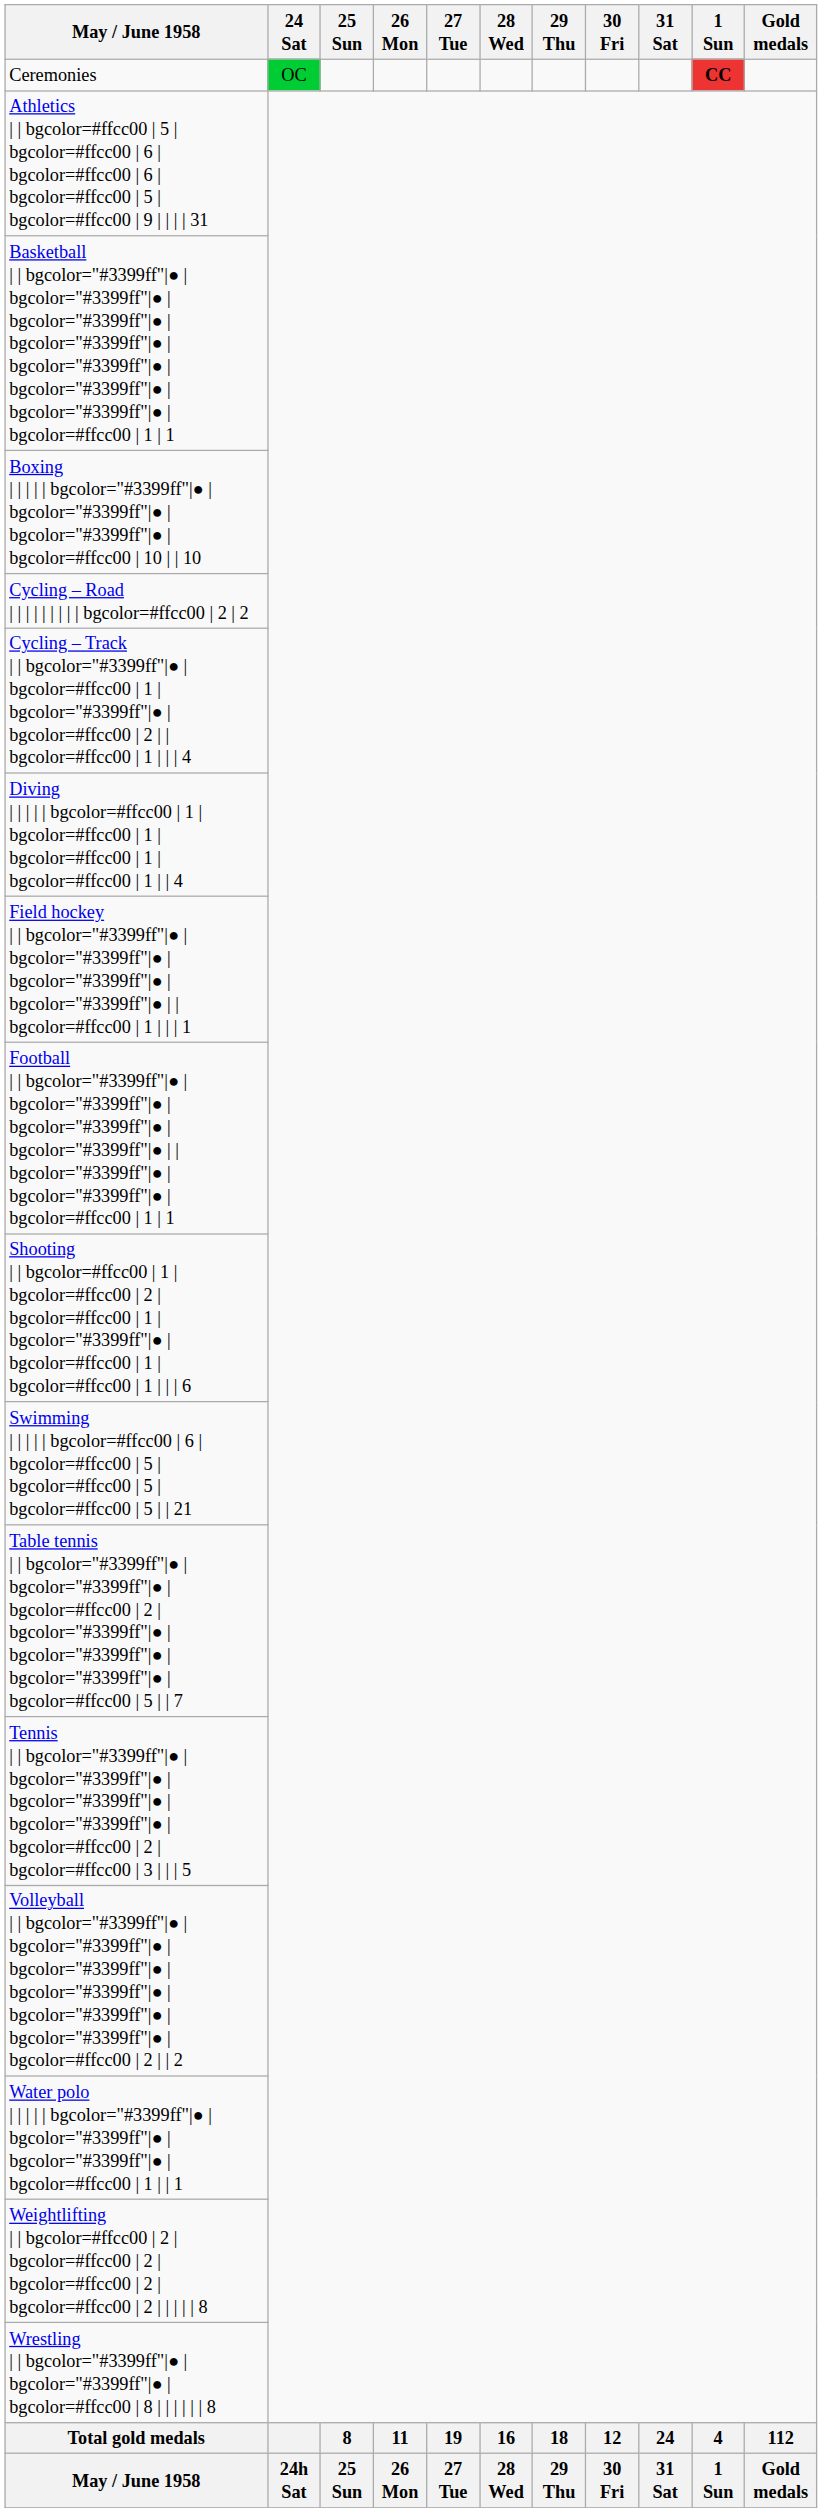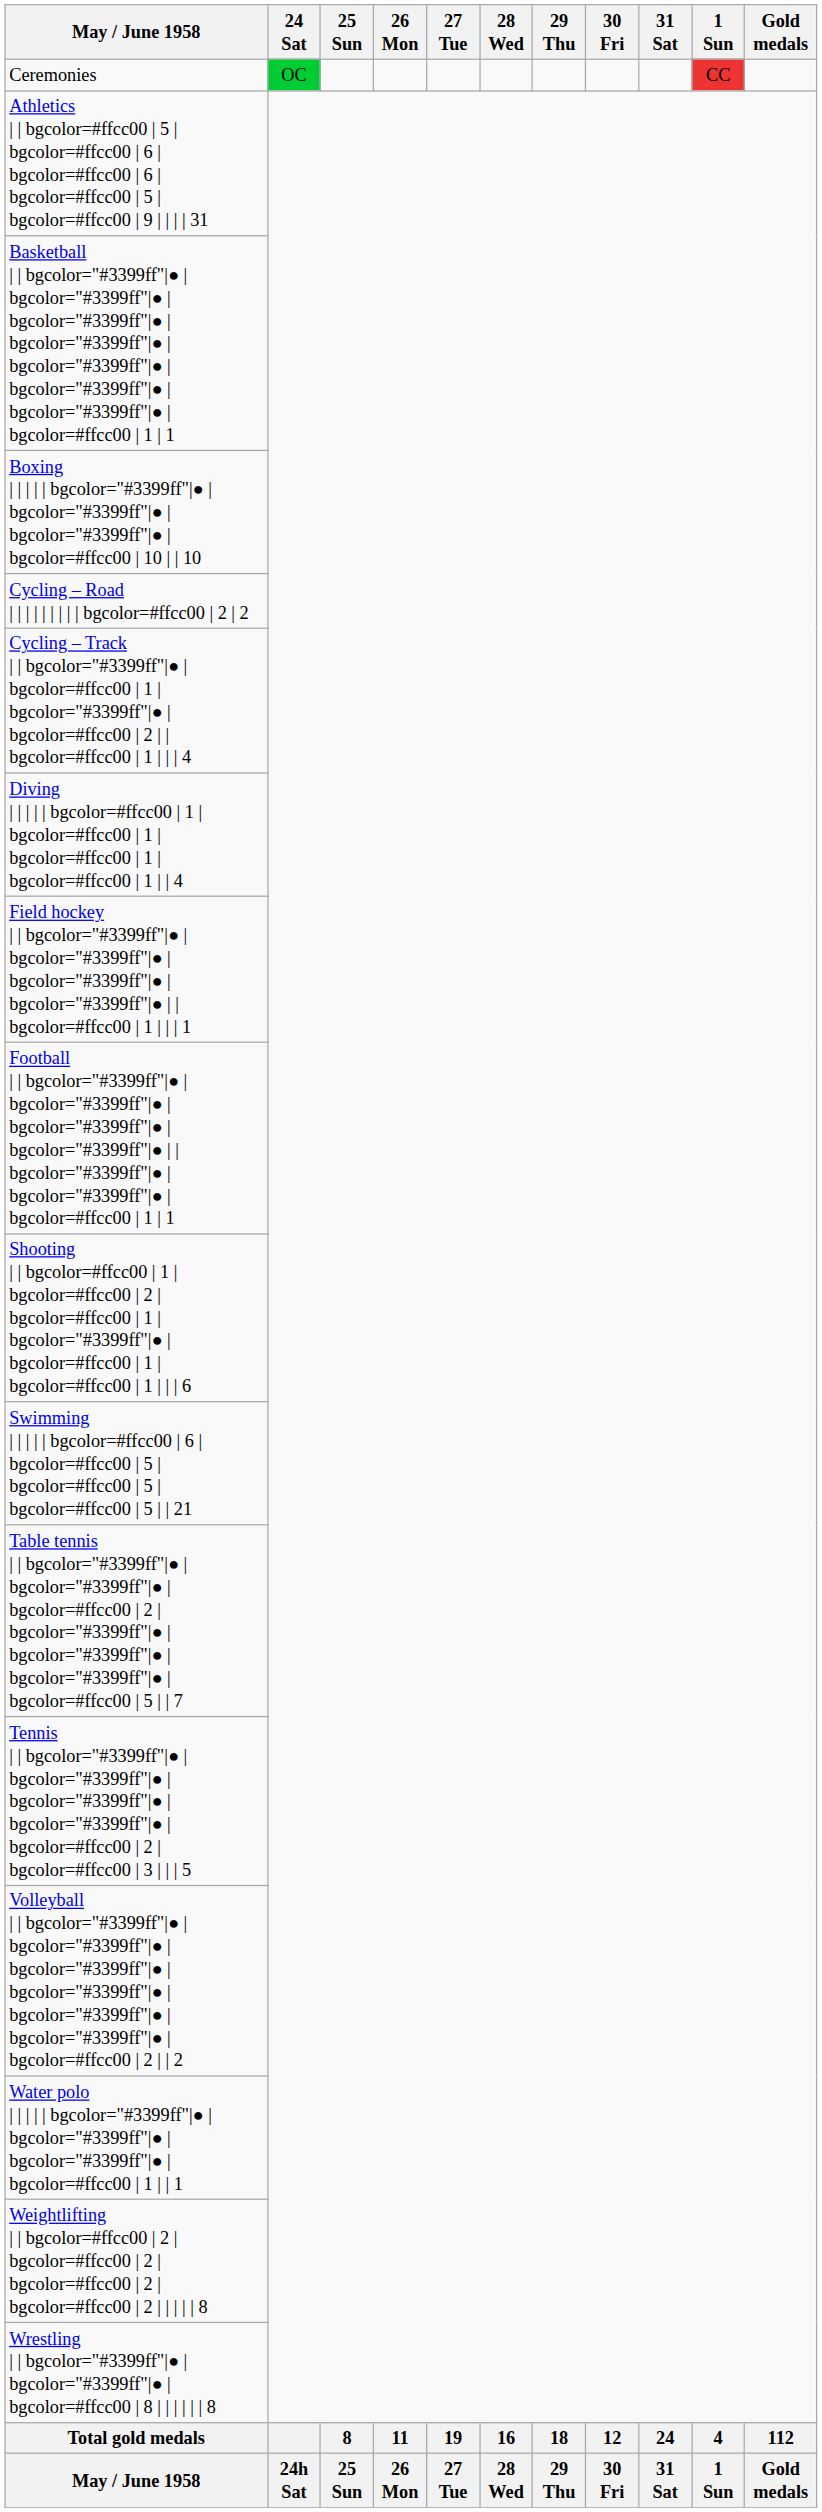 <table class="wikitable" style="margin:0.5em auto; font-size:90%; line-height:1.25em;">
 <tr>
 <th width=200>May / June 1958</th>
 <th width=35>24<br>Sat</th>
 <th width=35>25<br>Sun</th>
 <th width=35>26<br>Mon</th>
 <th width=35>27<br>Tue</th>
 <th width=35>28<br>Wed</th>
 <th width=35>29<br>Thu</th>
 <th width=35>30<br>Fri</th>
 <th width=35>31<br>Sat</th>
 <th width=35>1<br>Sun</th>
 <th width=50>Gold<br>medals</th>
 </tr>
 <tr>
 <td>Ceremonies</td>
 <td bgcolor=#00cc33 align=center>OC</td>
 <td></td>
 <td></td>
 <td></td>
 <td></td>
 <td></td>
 <td></td>
 <td></td>
-<td bgcolor=#ee3333 align=center><strong>CC</strong></td>
+<td bgcolor=#ee3333 align=center>CC</td>
 <td></td>
 </tr>
 <tr align="center">
 <td align="left"> <a href='#'>Athletics</a><br>|  | bgcolor=#ffcc00 | 5 | bgcolor=#ffcc00 | 6 | bgcolor=#ffcc00 | 6 | bgcolor=#ffcc00 | 5 | bgcolor=#ffcc00 | 9 |  |  |  | 31</td>
 </tr>
 <tr align="center">
 <td align="left"> <a href='#'>Basketball</a><br>|  | bgcolor="#3399ff"|● | bgcolor="#3399ff"|● | bgcolor="#3399ff"|● | bgcolor="#3399ff"|● | bgcolor="#3399ff"|● | bgcolor="#3399ff"|● | bgcolor="#3399ff"|● | bgcolor=#ffcc00 | 1 | 1</td>
 </tr>
 <tr align="center">
 <td align="left"> <a href='#'>Boxing</a><br>|  |  |  |  | bgcolor="#3399ff"|● | bgcolor="#3399ff"|● | bgcolor="#3399ff"|● | bgcolor=#ffcc00 | 10 |  | 10</td>
 </tr>
 <tr align="center">
 <td align="left"> <a href='#'>Cycling – Road</a><br>|  |  |  |  |  |  |  |  | bgcolor=#ffcc00 | 2 | 2</td>
 </tr>
 <tr align="center">
 <td align="left"> <a href='#'>Cycling – Track</a><br>|  | bgcolor="#3399ff"|● | bgcolor=#ffcc00 | 1 | bgcolor="#3399ff"|● | bgcolor=#ffcc00 | 2 |  | bgcolor=#ffcc00 | 1 |  |  | 4</td>
 </tr>
 <tr align="center">
 <td align="left"> <a href='#'>Diving</a><br>|  |  |  |  | bgcolor=#ffcc00 | 1 | bgcolor=#ffcc00 | 1 | bgcolor=#ffcc00 | 1 | bgcolor=#ffcc00 | 1 |  | 4</td>
 </tr>
 <tr align="center">
 <td align="left"> <a href='#'>Field hockey</a><br>|  | bgcolor="#3399ff"|● | bgcolor="#3399ff"|● | bgcolor="#3399ff"|● | bgcolor="#3399ff"|● |  | bgcolor=#ffcc00 | 1 |  |  | 1</td>
 </tr>
 <tr align="center">
 <td align="left"> <a href='#'>Football</a><br>|  | bgcolor="#3399ff"|● | bgcolor="#3399ff"|● | bgcolor="#3399ff"|● | bgcolor="#3399ff"|● |  | bgcolor="#3399ff"|● | bgcolor="#3399ff"|● | bgcolor=#ffcc00 | 1 | 1</td>
 </tr>
 <tr align="center">
 <td align="left"> <a href='#'>Shooting</a><br>|  | bgcolor=#ffcc00 | 1 | bgcolor=#ffcc00 | 2 | bgcolor=#ffcc00 | 1 | bgcolor="#3399ff"|● | bgcolor=#ffcc00 | 1 | bgcolor=#ffcc00 | 1 |  |  | 6</td>
 </tr>
 <tr align="center">
 <td align="left"> <a href='#'>Swimming</a><br>|  |  |  |  | bgcolor=#ffcc00 | 6 | bgcolor=#ffcc00 | 5 | bgcolor=#ffcc00 | 5 | bgcolor=#ffcc00 | 5 |  | 21</td>
 </tr>
 <tr align="center">
 <td align="left"> <a href='#'>Table tennis</a><br>|  | bgcolor="#3399ff"|● | bgcolor="#3399ff"|● | bgcolor=#ffcc00 | 2 | bgcolor="#3399ff"|● | bgcolor="#3399ff"|● | bgcolor="#3399ff"|● | bgcolor=#ffcc00 | 5 |  | 7</td>
 </tr>
 <tr align="center">
 <td align="left"> <a href='#'>Tennis</a><br>|  | bgcolor="#3399ff"|● | bgcolor="#3399ff"|● | bgcolor="#3399ff"|● | bgcolor="#3399ff"|● | bgcolor=#ffcc00 | 2 | bgcolor=#ffcc00 | 3 |  |  | 5</td>
 </tr>
 <tr align="center">
 <td align="left"> <a href='#'>Volleyball</a><br>|  | bgcolor="#3399ff"|● | bgcolor="#3399ff"|● | bgcolor="#3399ff"|● | bgcolor="#3399ff"|● | bgcolor="#3399ff"|● | bgcolor="#3399ff"|● | bgcolor=#ffcc00 | 2 |  | 2</td>
 </tr>
 <tr align="center">
 <td align="left"> <a href='#'>Water polo</a><br>|  |  |  |  | bgcolor="#3399ff"|● | bgcolor="#3399ff"|● | bgcolor="#3399ff"|● | bgcolor=#ffcc00 | 1 |  | 1</td>
 </tr>
 <tr align="center">
 <td align="left"> <a href='#'>Weightlifting</a><br>|  | bgcolor=#ffcc00 | 2 | bgcolor=#ffcc00 | 2 | bgcolor=#ffcc00 | 2 | bgcolor=#ffcc00 | 2 |  |  |  |  | 8</td>
 </tr>
 <tr align="center">
 <td align="left"> <a href='#'>Wrestling</a><br>|  | bgcolor="#3399ff"|● | bgcolor="#3399ff"|● | bgcolor=#ffcc00 | 8 |  |  |  |  | | 8</td>
 </tr>
 <tr>
 <th>Total gold medals</th>
 <th></th>
 <th>8</th>
 <th>11</th>
 <th>19</th>
 <th>16</th>
 <th>18</th>
 <th>12</th>
 <th>24</th>
 <th>4</th>
 <th>112</th>
 </tr>
 <tr>
 <th>May / June 1958</th>
 <th>24h<br>Sat</th>
 <th>25<br>Sun</th>
 <th>26<br>Mon</th>
 <th>27<br>Tue</th>
 <th>28<br>Wed</th>
 <th>29<br>Thu</th>
 <th>30<br>Fri</th>
 <th>31<br>Sat</th>
 <th>1<br>Sun</th>
 <th>Gold<br>medals</th>
 </tr>
 </table>
